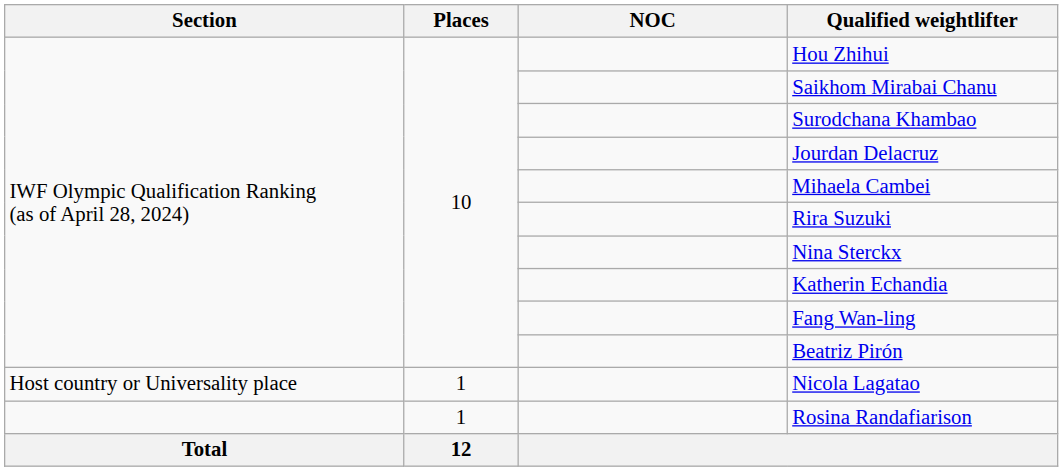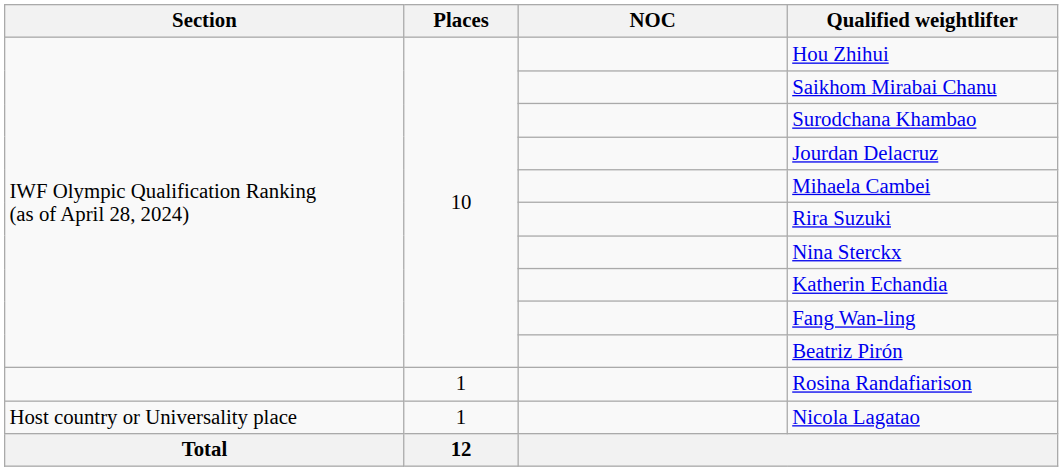 <table class="wikitable">
 <tr>
 <th width=300>Section</th>
 <th width=80>Places</th>
 <th width=200>NOC</th>
 <th width=200>Qualified weightlifter</th>
 </tr>
 <tr>
 <td rowspan=10>IWF Olympic Qualification Ranking<br>(as of April 28, 2024)</td>
 <td rowspan=10 align=center>10</td>
 <td></td>
 <td><a href='#'>Hou Zhihui</a></td>
 </tr>
 <tr>
 <td></td>
 <td><a href='#'>Saikhom Mirabai Chanu</a></td>
 </tr>
 <tr>
 <td></td>
 <td><a href='#'>Surodchana Khambao</a></td>
 </tr>
 <tr>
 <td></td>
 <td><a href='#'>Jourdan Delacruz</a></td>
 </tr>
 <tr>
 <td></td>
 <td><a href='#'>Mihaela Cambei</a></td>
 </tr>
 <tr>
 <td></td>
 <td><a href='#'>Rira Suzuki</a></td>
 </tr>
 <tr>
 <td></td>
 <td><a href='#'>Nina Sterckx</a></td>
 </tr>
 <tr>
 <td></td>
 <td><a href='#'>Katherin Echandia</a></td>
 </tr>
 <tr>
 <td></td>
 <td><a href='#'>Fang Wan-ling</a></td>
 </tr>
 <tr>
 <td></td>
 <td><a href='#'>Beatriz Pirón</a></td>
 </tr>
 <tr>
+<td></td>
+<td align=center>1</td>
+<td></td>
+<td><a href='#'>Rosina Randafiarison</a></td>
+</tr>
+<tr>
 <td>Host country or Universality place</td>
 <td align=center>1</td>
 <td></td>
 <td><a href='#'>Nicola Lagatao</a></td>
-</tr>
-<tr>
-<td></td>
-<td align=center>1</td>
-<td></td>
-<td><a href='#'>Rosina Randafiarison</a></td>
 </tr>
 <tr>
 <th>Total</th>
 <th>12</th>
 <th colspan=2></th>
 </tr>
 </table>
